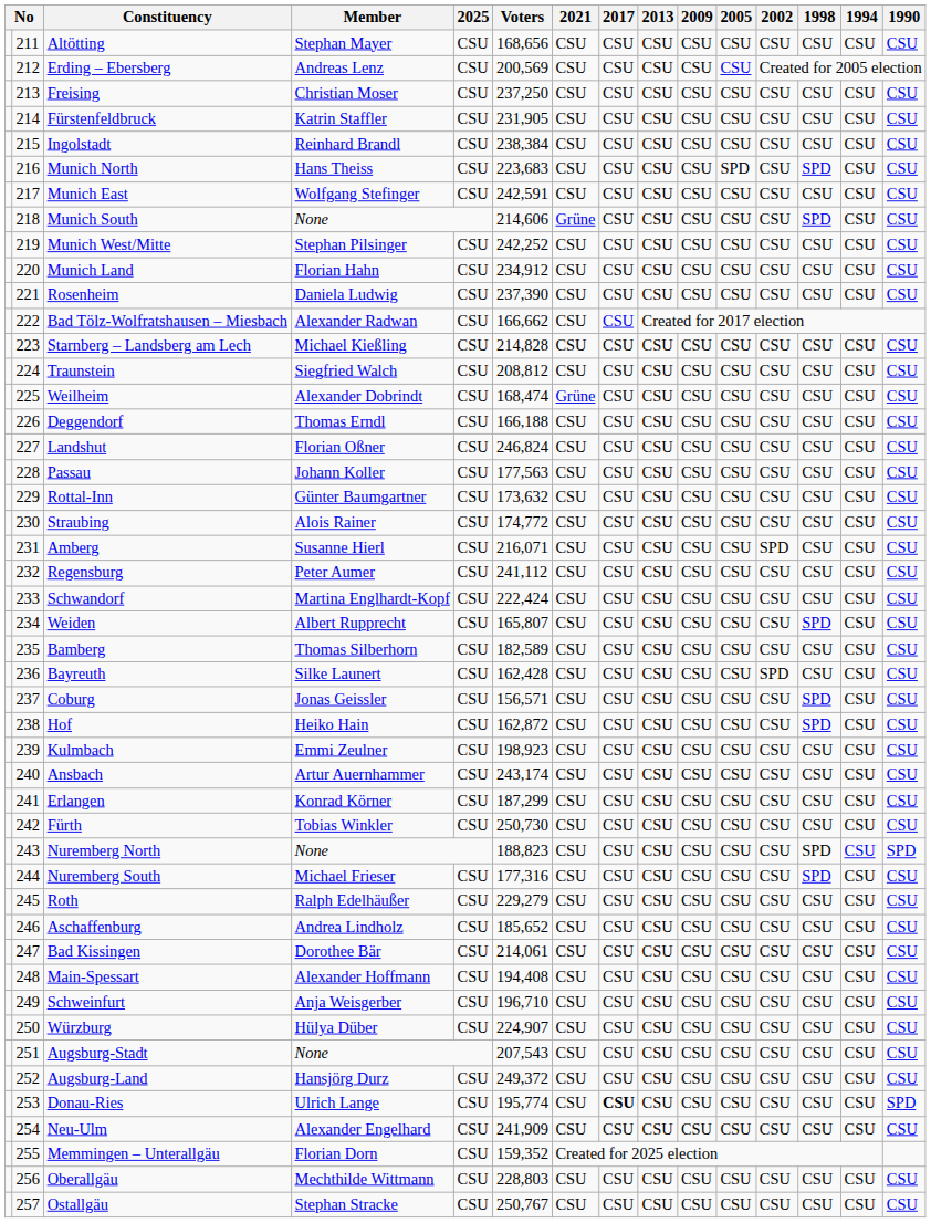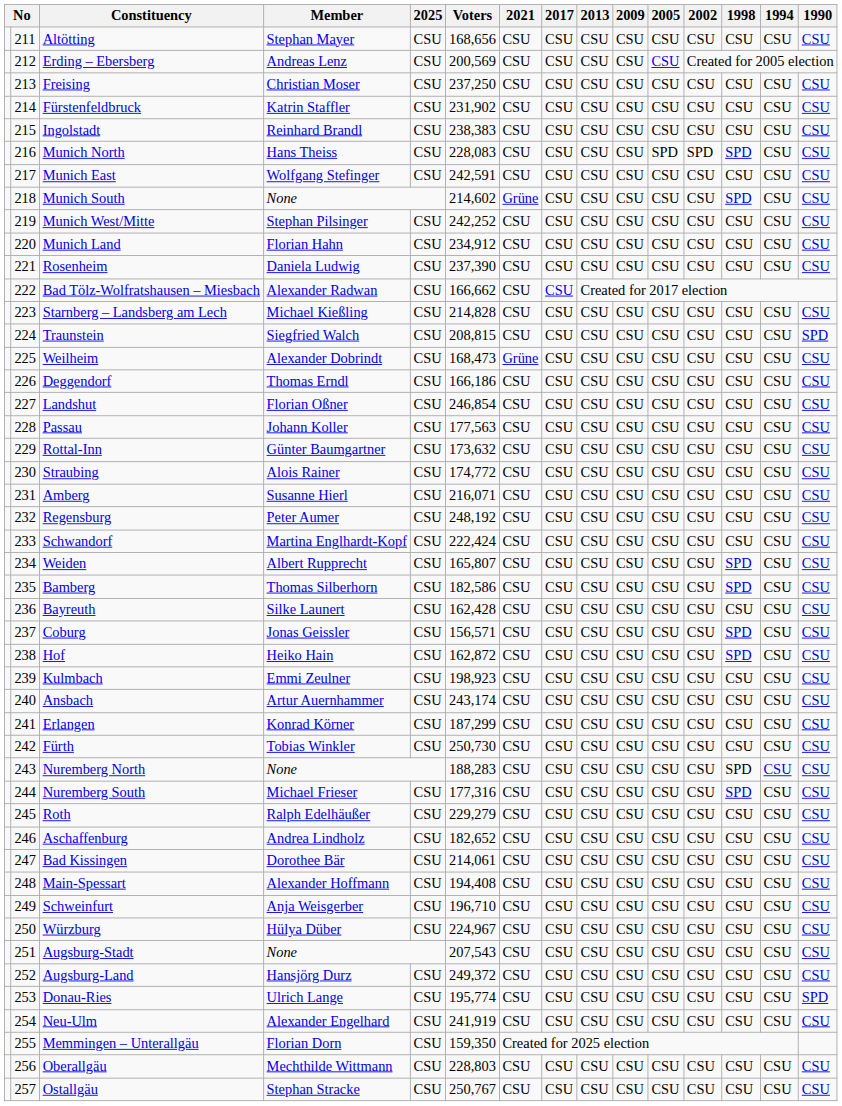 <table class="wikitable sortable">
 <tr>
 <th colspan=2>No</th>
 <th>Constituency</th>
 <th>Member</th>
 <th>2025</th>
 <th>Voters</th>
 <th>2021</th>
 <th>2017</th>
 <th>2013</th>
 <th>2009</th>
 <th>2005</th>
 <th>2002</th>
 <th>1998</th>
 <th>1994</th>
 <th>1990</th>
 </tr>
 <tr>
 <td style="background-color: "></td>
 <td>211</td>
 <td><a href='#'>Altötting</a></td>
 <td><a href='#'>Stephan Mayer</a></td>
 <td bgcolor=>CSU</td>
 <td>168,656</td>
 <td bgcolor=>CSU</td>
 <td bgcolor=>CSU</td>
 <td bgcolor=>CSU</td>
 <td bgcolor=>CSU</td>
 <td bgcolor=>CSU</td>
 <td bgcolor=>CSU</td>
 <td bgcolor=>CSU</td>
 <td bgcolor=>CSU</td>
 <td><a href='#'>CSU</a></td>
 </tr>
 <tr>
 <td style="background-color: "></td>
 <td>212</td>
 <td><a href='#'>Erding – Ebersberg</a></td>
 <td><a href='#'>Andreas Lenz</a></td>
 <td bgcolor=>CSU</td>
 <td>200,569</td>
 <td bgcolor=>CSU</td>
 <td bgcolor=>CSU</td>
 <td bgcolor=>CSU</td>
 <td bgcolor=>CSU</td>
 <td><a href='#'>CSU</a></td>
 <td colspan=4>Created for 2005 election</td>
 </tr>
 <tr>
 <td style="background-color: "></td>
 <td>213</td>
 <td><a href='#'>Freising</a></td>
 <td><a href='#'>Christian Moser</a></td>
 <td bgcolor=>CSU</td>
 <td>237,250</td>
 <td bgcolor=>CSU</td>
 <td bgcolor=>CSU</td>
 <td bgcolor=>CSU</td>
 <td bgcolor=>CSU</td>
 <td bgcolor=>CSU</td>
 <td bgcolor=>CSU</td>
 <td bgcolor=>CSU</td>
 <td bgcolor=>CSU</td>
 <td><a href='#'>CSU</a></td>
 </tr>
 <tr>
 <td style="background-color: "></td>
 <td>214</td>
 <td><a href='#'>Fürstenfeldbruck</a></td>
 <td><a href='#'>Katrin Staffler</a></td>
 <td bgcolor=>CSU</td>
-<td>231,905</td>
+<td>231,902</td>
 <td bgcolor=>CSU</td>
 <td bgcolor=>CSU</td>
 <td bgcolor=>CSU</td>
 <td bgcolor=>CSU</td>
 <td bgcolor=>CSU</td>
 <td bgcolor=>CSU</td>
 <td bgcolor=>CSU</td>
 <td bgcolor=>CSU</td>
 <td><a href='#'>CSU</a></td>
 </tr>
 <tr>
 <td style="background-color: "></td>
 <td>215</td>
 <td><a href='#'>Ingolstadt</a></td>
 <td><a href='#'>Reinhard Brandl</a></td>
 <td bgcolor=>CSU</td>
-<td>238,384</td>
+<td>238,383</td>
 <td bgcolor=>CSU</td>
 <td bgcolor=>CSU</td>
 <td bgcolor=>CSU</td>
 <td bgcolor=>CSU</td>
 <td bgcolor=>CSU</td>
 <td bgcolor=>CSU</td>
 <td bgcolor=>CSU</td>
 <td bgcolor=>CSU</td>
 <td><a href='#'>CSU</a></td>
 </tr>
 <tr>
 <td style="background-color: "></td>
 <td>216</td>
 <td><a href='#'>Munich North</a></td>
 <td><a href='#'>Hans Theiss</a></td>
 <td bgcolor=>CSU</td>
-<td>223,683</td>
+<td>228,083</td>
 <td bgcolor=>CSU</td>
 <td bgcolor=>CSU</td>
 <td bgcolor=>CSU</td>
 <td bgcolor=>CSU</td>
 <td bgcolor=>SPD</td>
-<td bgcolor=>CSU</td>
+<td bgcolor=>SPD</td>
 <td><a href='#'>SPD</a></td>
 <td bgcolor=>CSU</td>
 <td><a href='#'>CSU</a></td>
 </tr>
 <tr>
 <td style="background-color: "></td>
 <td>217</td>
 <td><a href='#'>Munich East</a></td>
 <td><a href='#'>Wolfgang Stefinger</a></td>
 <td bgcolor=>CSU</td>
 <td>242,591</td>
 <td bgcolor=>CSU</td>
 <td bgcolor=>CSU</td>
 <td bgcolor=>CSU</td>
 <td bgcolor=>CSU</td>
 <td bgcolor=>CSU</td>
 <td bgcolor=>CSU</td>
 <td bgcolor=>CSU</td>
 <td bgcolor=>CSU</td>
 <td><a href='#'>CSU</a></td>
 </tr>
 <tr>
 <td></td>
 <td>218</td>
 <td><a href='#'>Munich South</a></td>
 <td colspan="2"><em>None</em></td>
-<td>214,606</td>
+<td>214,602</td>
 <td><a href='#'>Grüne</a></td>
 <td bgcolor=>CSU</td>
 <td bgcolor=>CSU</td>
 <td bgcolor=>CSU</td>
 <td bgcolor=>CSU</td>
 <td bgcolor=>CSU</td>
 <td><a href='#'>SPD</a></td>
 <td bgcolor=>CSU</td>
 <td><a href='#'>CSU</a></td>
 </tr>
 <tr>
 <td style="background-color: "></td>
 <td>219</td>
 <td><a href='#'>Munich West/Mitte</a></td>
 <td><a href='#'>Stephan Pilsinger</a></td>
 <td bgcolor=>CSU</td>
 <td>242,252</td>
 <td bgcolor=>CSU</td>
 <td bgcolor=>CSU</td>
 <td bgcolor=>CSU</td>
 <td bgcolor=>CSU</td>
 <td bgcolor=>CSU</td>
 <td bgcolor=>CSU</td>
 <td bgcolor=>CSU</td>
 <td bgcolor=>CSU</td>
 <td><a href='#'>CSU</a></td>
 </tr>
 <tr>
 <td style="background-color: "></td>
 <td>220</td>
 <td><a href='#'>Munich Land</a></td>
 <td><a href='#'>Florian Hahn</a></td>
 <td bgcolor=>CSU</td>
 <td>234,912</td>
 <td bgcolor=>CSU</td>
 <td bgcolor=>CSU</td>
 <td bgcolor=>CSU</td>
 <td bgcolor=>CSU</td>
 <td bgcolor=>CSU</td>
 <td bgcolor=>CSU</td>
 <td bgcolor=>CSU</td>
 <td bgcolor=>CSU</td>
 <td><a href='#'>CSU</a></td>
 </tr>
 <tr>
 <td style="background-color: "></td>
 <td>221</td>
 <td><a href='#'>Rosenheim</a></td>
 <td><a href='#'>Daniela Ludwig</a></td>
 <td bgcolor=>CSU</td>
 <td>237,390</td>
 <td bgcolor=>CSU</td>
 <td bgcolor=>CSU</td>
 <td bgcolor=>CSU</td>
 <td bgcolor=>CSU</td>
 <td bgcolor=>CSU</td>
 <td bgcolor=>CSU</td>
 <td bgcolor=>CSU</td>
 <td bgcolor=>CSU</td>
 <td><a href='#'>CSU</a></td>
 </tr>
 <tr>
 <td style="background-color: "></td>
 <td>222</td>
 <td><a href='#'>Bad Tölz-Wolfratshausen – Miesbach</a></td>
 <td><a href='#'>Alexander Radwan</a></td>
 <td bgcolor=>CSU</td>
 <td>166,662</td>
 <td bgcolor=>CSU</td>
 <td><a href='#'>CSU</a></td>
 <td colspan=7>Created for 2017 election</td>
 </tr>
 <tr>
 <td style="background-color: "></td>
 <td>223</td>
 <td><a href='#'>Starnberg – Landsberg am Lech</a></td>
 <td><a href='#'>Michael Kießling</a></td>
 <td bgcolor=>CSU</td>
 <td>214,828</td>
 <td bgcolor=>CSU</td>
 <td bgcolor=>CSU</td>
 <td bgcolor=>CSU</td>
 <td bgcolor=>CSU</td>
 <td bgcolor=>CSU</td>
 <td bgcolor=>CSU</td>
 <td bgcolor=>CSU</td>
 <td bgcolor=>CSU</td>
 <td><a href='#'>CSU</a></td>
 </tr>
 <tr>
 <td style="background-color: "></td>
 <td>224</td>
 <td><a href='#'>Traunstein</a></td>
 <td><a href='#'>Siegfried Walch</a></td>
 <td bgcolor=>CSU</td>
-<td>208,812</td>
+<td>208,815</td>
 <td bgcolor=>CSU</td>
 <td bgcolor=>CSU</td>
 <td bgcolor=>CSU</td>
 <td bgcolor=>CSU</td>
 <td bgcolor=>CSU</td>
 <td bgcolor=>CSU</td>
 <td bgcolor=>CSU</td>
 <td bgcolor=>CSU</td>
-<td><a href='#'>CSU</a></td>
+<td><a href='#'>SPD</a></td>
 </tr>
 <tr>
 <td style="background-color: "></td>
 <td>225</td>
 <td><a href='#'>Weilheim</a></td>
 <td><a href='#'>Alexander Dobrindt</a></td>
 <td bgcolor=>CSU</td>
-<td>168,474</td>
+<td>168,473</td>
 <td><a href='#'>Grüne</a></td>
 <td bgcolor=>CSU</td>
 <td bgcolor=>CSU</td>
 <td bgcolor=>CSU</td>
 <td bgcolor=>CSU</td>
 <td bgcolor=>CSU</td>
 <td bgcolor=>CSU</td>
 <td bgcolor=>CSU</td>
 <td><a href='#'>CSU</a></td>
 </tr>
 <tr>
 <td style="background-color: "></td>
 <td>226</td>
 <td><a href='#'>Deggendorf</a></td>
 <td><a href='#'>Thomas Erndl</a></td>
 <td bgcolor=>CSU</td>
-<td>166,188</td>
+<td>166,186</td>
 <td bgcolor=>CSU</td>
 <td bgcolor=>CSU</td>
 <td bgcolor=>CSU</td>
 <td bgcolor=>CSU</td>
 <td bgcolor=>CSU</td>
 <td bgcolor=>CSU</td>
 <td bgcolor=>CSU</td>
 <td bgcolor=>CSU</td>
 <td><a href='#'>CSU</a></td>
 </tr>
 <tr>
 <td style="background-color: "></td>
 <td>227</td>
 <td><a href='#'>Landshut</a></td>
 <td><a href='#'>Florian Oßner</a></td>
 <td bgcolor=>CSU</td>
-<td>246,824</td>
+<td>246,854</td>
 <td bgcolor=>CSU</td>
 <td bgcolor=>CSU</td>
 <td bgcolor=>CSU</td>
 <td bgcolor=>CSU</td>
 <td bgcolor=>CSU</td>
 <td bgcolor=>CSU</td>
 <td bgcolor=>CSU</td>
 <td bgcolor=>CSU</td>
 <td><a href='#'>CSU</a></td>
 </tr>
 <tr>
 <td style="background-color: "></td>
 <td>228</td>
 <td><a href='#'>Passau</a></td>
 <td><a href='#'>Johann Koller</a></td>
 <td bgcolor=>CSU</td>
 <td>177,563</td>
 <td bgcolor=>CSU</td>
 <td bgcolor=>CSU</td>
 <td bgcolor=>CSU</td>
 <td bgcolor=>CSU</td>
 <td bgcolor=>CSU</td>
 <td bgcolor=>CSU</td>
 <td bgcolor=>CSU</td>
 <td bgcolor=>CSU</td>
 <td><a href='#'>CSU</a></td>
 </tr>
 <tr>
 <td style="background-color: "></td>
 <td>229</td>
 <td><a href='#'>Rottal-Inn</a></td>
 <td><a href='#'>Günter Baumgartner</a></td>
 <td bgcolor=>CSU</td>
 <td>173,632</td>
 <td bgcolor=>CSU</td>
 <td bgcolor=>CSU</td>
 <td bgcolor=>CSU</td>
 <td bgcolor=>CSU</td>
 <td bgcolor=>CSU</td>
 <td bgcolor=>CSU</td>
 <td bgcolor=>CSU</td>
 <td bgcolor=>CSU</td>
 <td><a href='#'>CSU</a></td>
 </tr>
 <tr>
 <td style="background-color: "></td>
 <td>230</td>
 <td><a href='#'>Straubing</a></td>
 <td><a href='#'>Alois Rainer</a></td>
 <td bgcolor=>CSU</td>
 <td>174,772</td>
 <td bgcolor=>CSU</td>
 <td bgcolor=>CSU</td>
 <td bgcolor=>CSU</td>
 <td bgcolor=>CSU</td>
 <td bgcolor=>CSU</td>
 <td bgcolor=>CSU</td>
 <td bgcolor=>CSU</td>
 <td bgcolor=>CSU</td>
 <td><a href='#'>CSU</a></td>
 </tr>
 <tr>
 <td style="background-color: "></td>
 <td>231</td>
 <td><a href='#'>Amberg</a></td>
 <td><a href='#'>Susanne Hierl</a></td>
 <td bgcolor=>CSU</td>
 <td>216,071</td>
 <td bgcolor=>CSU</td>
 <td bgcolor=>CSU</td>
 <td bgcolor=>CSU</td>
 <td bgcolor=>CSU</td>
 <td bgcolor=>CSU</td>
-<td bgcolor=>SPD</td>
+<td bgcolor=>CSU</td>
 <td bgcolor=>CSU</td>
 <td bgcolor=>CSU</td>
 <td><a href='#'>CSU</a></td>
 </tr>
 <tr>
 <td style="background-color: "></td>
 <td>232</td>
 <td><a href='#'>Regensburg</a></td>
 <td><a href='#'>Peter Aumer</a></td>
 <td bgcolor=>CSU</td>
-<td>241,112</td>
+<td>248,192</td>
 <td bgcolor=>CSU</td>
 <td bgcolor=>CSU</td>
 <td bgcolor=>CSU</td>
 <td bgcolor=>CSU</td>
 <td bgcolor=>CSU</td>
 <td bgcolor=>CSU</td>
 <td bgcolor=>CSU</td>
 <td bgcolor=>CSU</td>
 <td><a href='#'>CSU</a></td>
 </tr>
 <tr>
 <td style="background-color: "></td>
 <td>233</td>
 <td><a href='#'>Schwandorf</a></td>
 <td><a href='#'>Martina Englhardt-Kopf</a></td>
 <td bgcolor=>CSU</td>
 <td>222,424</td>
 <td bgcolor=>CSU</td>
 <td bgcolor=>CSU</td>
 <td bgcolor=>CSU</td>
 <td bgcolor=>CSU</td>
 <td bgcolor=>CSU</td>
 <td bgcolor=>CSU</td>
 <td bgcolor=>CSU</td>
 <td bgcolor=>CSU</td>
 <td><a href='#'>CSU</a></td>
 </tr>
 <tr>
 <td style="background-color: "></td>
 <td>234</td>
 <td><a href='#'>Weiden</a></td>
 <td><a href='#'>Albert Rupprecht</a></td>
 <td bgcolor=>CSU</td>
 <td>165,807</td>
 <td bgcolor=>CSU</td>
 <td bgcolor=>CSU</td>
 <td bgcolor=>CSU</td>
 <td bgcolor=>CSU</td>
 <td bgcolor=>CSU</td>
 <td bgcolor=>CSU</td>
 <td><a href='#'>SPD</a></td>
 <td bgcolor=>CSU</td>
 <td><a href='#'>CSU</a></td>
 </tr>
 <tr>
 <td style="background-color: "></td>
 <td>235</td>
 <td><a href='#'>Bamberg</a></td>
 <td><a href='#'>Thomas Silberhorn</a></td>
 <td bgcolor=>CSU</td>
-<td>182,589</td>
+<td>182,586</td>
 <td bgcolor=>CSU</td>
 <td bgcolor=>CSU</td>
 <td bgcolor=>CSU</td>
 <td bgcolor=>CSU</td>
 <td bgcolor=>CSU</td>
 <td bgcolor=>CSU</td>
-<td bgcolor=>CSU</td>
+<td><a href='#'>SPD</a></td>
 <td bgcolor=>CSU</td>
 <td><a href='#'>CSU</a></td>
 </tr>
 <tr>
 <td style="background-color: "></td>
 <td>236</td>
 <td><a href='#'>Bayreuth</a></td>
 <td><a href='#'>Silke Launert</a></td>
 <td bgcolor=>CSU</td>
 <td>162,428</td>
 <td bgcolor=>CSU</td>
 <td bgcolor=>CSU</td>
 <td bgcolor=>CSU</td>
 <td bgcolor=>CSU</td>
 <td bgcolor=>CSU</td>
-<td bgcolor=>SPD</td>
+<td bgcolor=>CSU</td>
 <td bgcolor=>CSU</td>
 <td bgcolor=>CSU</td>
 <td><a href='#'>CSU</a></td>
 </tr>
 <tr>
 <td style="background-color: "></td>
 <td>237</td>
 <td><a href='#'>Coburg</a></td>
 <td><a href='#'>Jonas Geissler</a></td>
 <td bgcolor=>CSU</td>
 <td>156,571</td>
 <td bgcolor=>CSU</td>
 <td bgcolor=>CSU</td>
 <td bgcolor=>CSU</td>
 <td bgcolor=>CSU</td>
 <td bgcolor=>CSU</td>
 <td bgcolor=>CSU</td>
 <td><a href='#'>SPD</a></td>
 <td bgcolor=>CSU</td>
 <td><a href='#'>CSU</a></td>
 </tr>
 <tr>
 <td style="background-color: "></td>
 <td>238</td>
 <td><a href='#'>Hof</a></td>
 <td><a href='#'>Heiko Hain</a></td>
 <td bgcolor=>CSU</td>
 <td>162,872</td>
 <td bgcolor=>CSU</td>
 <td bgcolor=>CSU</td>
 <td bgcolor=>CSU</td>
 <td bgcolor=>CSU</td>
 <td bgcolor=>CSU</td>
 <td bgcolor=>CSU</td>
 <td><a href='#'>SPD</a></td>
 <td bgcolor=>CSU</td>
 <td><a href='#'>CSU</a></td>
 </tr>
 <tr>
 <td style="background-color: "></td>
 <td>239</td>
 <td><a href='#'>Kulmbach</a></td>
 <td><a href='#'>Emmi Zeulner</a></td>
 <td bgcolor=>CSU</td>
 <td>198,923</td>
 <td bgcolor=>CSU</td>
 <td bgcolor=>CSU</td>
 <td bgcolor=>CSU</td>
 <td bgcolor=>CSU</td>
 <td bgcolor=>CSU</td>
 <td bgcolor=>CSU</td>
 <td bgcolor=>CSU</td>
 <td bgcolor=>CSU</td>
 <td><a href='#'>CSU</a></td>
 </tr>
 <tr>
 <td style="background-color: "></td>
 <td>240</td>
 <td><a href='#'>Ansbach</a></td>
 <td><a href='#'>Artur Auernhammer</a></td>
 <td bgcolor=>CSU</td>
 <td>243,174</td>
 <td bgcolor=>CSU</td>
 <td bgcolor=>CSU</td>
 <td bgcolor=>CSU</td>
 <td bgcolor=>CSU</td>
 <td bgcolor=>CSU</td>
 <td bgcolor=>CSU</td>
 <td bgcolor=>CSU</td>
 <td bgcolor=>CSU</td>
 <td><a href='#'>CSU</a></td>
 </tr>
 <tr>
 <td style="background-color: "></td>
 <td>241</td>
 <td><a href='#'>Erlangen</a></td>
 <td><a href='#'>Konrad Körner</a></td>
 <td bgcolor=>CSU</td>
 <td>187,299</td>
 <td bgcolor=>CSU</td>
 <td bgcolor=>CSU</td>
 <td bgcolor=>CSU</td>
 <td bgcolor=>CSU</td>
 <td bgcolor=>CSU</td>
 <td bgcolor=>CSU</td>
 <td bgcolor=>CSU</td>
 <td bgcolor=>CSU</td>
 <td><a href='#'>CSU</a></td>
 </tr>
 <tr>
 <td style="background-color: "></td>
 <td>242</td>
 <td><a href='#'>Fürth</a></td>
 <td><a href='#'>Tobias Winkler</a></td>
 <td bgcolor=>CSU</td>
 <td>250,730</td>
 <td bgcolor=>CSU</td>
 <td bgcolor=>CSU</td>
 <td bgcolor=>CSU</td>
 <td bgcolor=>CSU</td>
 <td bgcolor=>CSU</td>
 <td bgcolor=>CSU</td>
 <td bgcolor=>CSU</td>
 <td bgcolor=>CSU</td>
 <td><a href='#'>CSU</a></td>
 </tr>
 <tr>
 <td></td>
 <td>243</td>
 <td><a href='#'>Nuremberg North</a></td>
 <td colspan="2"><em>None</em></td>
-<td>188,823</td>
+<td>188,283</td>
 <td bgcolor=>CSU</td>
 <td bgcolor=>CSU</td>
 <td bgcolor=>CSU</td>
 <td bgcolor=>CSU</td>
 <td bgcolor=>CSU</td>
 <td bgcolor=>CSU</td>
 <td bgcolor=>SPD</td>
 <td><a href='#'>CSU</a></td>
-<td><a href='#'>SPD</a></td>
+<td><a href='#'>CSU</a></td>
 </tr>
 <tr>
 <td style="background-color: "></td>
 <td>244</td>
 <td><a href='#'>Nuremberg South</a></td>
 <td><a href='#'>Michael Frieser</a></td>
 <td bgcolor=>CSU</td>
 <td>177,316</td>
 <td bgcolor=>CSU</td>
 <td bgcolor=>CSU</td>
 <td bgcolor=>CSU</td>
 <td bgcolor=>CSU</td>
 <td bgcolor=>CSU</td>
 <td bgcolor=>CSU</td>
 <td><a href='#'>SPD</a></td>
 <td bgcolor=>CSU</td>
 <td><a href='#'>CSU</a></td>
 </tr>
 <tr>
 <td style="background-color: "></td>
 <td>245</td>
 <td><a href='#'>Roth</a></td>
 <td><a href='#'>Ralph Edelhäußer</a></td>
 <td bgcolor=>CSU</td>
 <td>229,279</td>
 <td bgcolor=>CSU</td>
 <td bgcolor=>CSU</td>
 <td bgcolor=>CSU</td>
 <td bgcolor=>CSU</td>
 <td bgcolor=>CSU</td>
 <td bgcolor=>CSU</td>
 <td bgcolor=>CSU</td>
 <td bgcolor=>CSU</td>
 <td><a href='#'>CSU</a></td>
 </tr>
 <tr>
 <td style="background-color: "></td>
 <td>246</td>
 <td><a href='#'>Aschaffenburg</a></td>
 <td><a href='#'>Andrea Lindholz</a></td>
 <td bgcolor=>CSU</td>
-<td>185,652</td>
+<td>182,652</td>
 <td bgcolor=>CSU</td>
 <td bgcolor=>CSU</td>
 <td bgcolor=>CSU</td>
 <td bgcolor=>CSU</td>
 <td bgcolor=>CSU</td>
 <td bgcolor=>CSU</td>
 <td bgcolor=>CSU</td>
 <td bgcolor=>CSU</td>
 <td><a href='#'>CSU</a></td>
 </tr>
 <tr>
 <td style="background-color: "></td>
 <td>247</td>
 <td><a href='#'>Bad Kissingen</a></td>
 <td><a href='#'>Dorothee Bär</a></td>
 <td bgcolor=>CSU</td>
 <td>214,061</td>
 <td bgcolor=>CSU</td>
 <td bgcolor=>CSU</td>
 <td bgcolor=>CSU</td>
 <td bgcolor=>CSU</td>
 <td bgcolor=>CSU</td>
 <td bgcolor=>CSU</td>
 <td bgcolor=>CSU</td>
 <td bgcolor=>CSU</td>
 <td><a href='#'>CSU</a></td>
 </tr>
 <tr>
 <td style="background-color: "></td>
 <td>248</td>
 <td><a href='#'>Main-Spessart</a></td>
 <td><a href='#'> Alexander Hoffmann</a></td>
 <td bgcolor=>CSU</td>
 <td>194,408</td>
 <td bgcolor=>CSU</td>
 <td bgcolor=>CSU</td>
 <td bgcolor=>CSU</td>
 <td bgcolor=>CSU</td>
 <td bgcolor=>CSU</td>
 <td bgcolor=>CSU</td>
 <td bgcolor=>CSU</td>
 <td bgcolor=>CSU</td>
 <td><a href='#'>CSU</a></td>
 </tr>
 <tr>
 <td style="background-color: "></td>
 <td>249</td>
 <td><a href='#'>Schweinfurt</a></td>
 <td><a href='#'>Anja Weisgerber</a></td>
 <td bgcolor=>CSU</td>
 <td>196,710</td>
 <td bgcolor=>CSU</td>
 <td bgcolor=>CSU</td>
 <td bgcolor=>CSU</td>
 <td bgcolor=>CSU</td>
 <td bgcolor=>CSU</td>
 <td bgcolor=>CSU</td>
 <td bgcolor=>CSU</td>
 <td bgcolor=>CSU</td>
 <td><a href='#'>CSU</a></td>
 </tr>
 <tr>
 <td style="background-color: "></td>
 <td>250</td>
 <td><a href='#'>Würzburg</a></td>
 <td><a href='#'>Hülya Düber</a></td>
 <td bgcolor=>CSU</td>
-<td>224,907</td>
+<td>224,967</td>
 <td bgcolor=>CSU</td>
 <td bgcolor=>CSU</td>
 <td bgcolor=>CSU</td>
 <td bgcolor=>CSU</td>
 <td bgcolor=>CSU</td>
 <td bgcolor=>CSU</td>
 <td bgcolor=>CSU</td>
 <td bgcolor=>CSU</td>
 <td><a href='#'>CSU</a></td>
 </tr>
 <tr>
 <td style="background-color: "></td>
 <td>251</td>
 <td><a href='#'>Augsburg-Stadt</a></td>
 <td colspan="2"><em>None</em></td>
 <td>207,543</td>
 <td bgcolor=>CSU</td>
 <td bgcolor=>CSU</td>
 <td bgcolor=>CSU</td>
 <td bgcolor=>CSU</td>
 <td bgcolor=>CSU</td>
 <td bgcolor=>CSU</td>
 <td bgcolor=>CSU</td>
 <td bgcolor=>CSU</td>
 <td><a href='#'>CSU</a></td>
 </tr>
 <tr>
 <td style="background-color: "></td>
 <td>252</td>
 <td><a href='#'>Augsburg-Land</a></td>
 <td><a href='#'>Hansjörg Durz</a></td>
 <td bgcolor=>CSU</td>
 <td>249,372</td>
 <td bgcolor=>CSU</td>
 <td bgcolor=>CSU</td>
 <td bgcolor=>CSU</td>
 <td bgcolor=>CSU</td>
 <td bgcolor=>CSU</td>
 <td bgcolor=>CSU</td>
 <td bgcolor=>CSU</td>
 <td bgcolor=>CSU</td>
 <td><a href='#'>CSU</a></td>
 </tr>
 <tr>
 <td style="background-color: "></td>
 <td>253</td>
 <td><a href='#'>Donau-Ries</a></td>
 <td><a href='#'>Ulrich Lange</a></td>
 <td bgcolor=>CSU</td>
 <td>195,774</td>
 <td bgcolor=>CSU</td>
-<td bgcolor=><strong>CSU</strong></td>
+<td bgcolor=>CSU</td>
 <td bgcolor=>CSU</td>
 <td bgcolor=>CSU</td>
 <td bgcolor=>CSU</td>
 <td bgcolor=>CSU</td>
 <td bgcolor=>CSU</td>
 <td bgcolor=>CSU</td>
 <td><a href='#'>SPD</a></td>
 </tr>
 <tr>
 <td style="background-color: "></td>
 <td>254</td>
 <td><a href='#'>Neu-Ulm</a></td>
 <td><a href='#'>Alexander Engelhard</a></td>
 <td bgcolor=>CSU</td>
-<td>241,909</td>
+<td>241,919</td>
 <td bgcolor=>CSU</td>
 <td bgcolor=>CSU</td>
 <td bgcolor=>CSU</td>
 <td bgcolor=>CSU</td>
 <td bgcolor=>CSU</td>
 <td bgcolor=>CSU</td>
 <td bgcolor=>CSU</td>
 <td bgcolor=>CSU</td>
 <td><a href='#'>CSU</a></td>
 </tr>
 <tr>
 <td bgcolor=></td>
 <td>255</td>
 <td><a href='#'>Memmingen – Unterallgäu</a></td>
 <td><a href='#'>Florian Dorn</a></td>
 <td bgcolor=>CSU</td>
-<td>159,352</td>
+<td>159,350</td>
 <td colspan=8>Created for 2025 election</td>
 </tr>
 <tr>
 <td style="background-color: "></td>
 <td>256</td>
 <td><a href='#'>Oberallgäu</a></td>
 <td><a href='#'>Mechthilde Wittmann</a></td>
 <td bgcolor=>CSU</td>
 <td>228,803</td>
 <td bgcolor=>CSU</td>
 <td bgcolor=>CSU</td>
 <td bgcolor=>CSU</td>
 <td bgcolor=>CSU</td>
 <td bgcolor=>CSU</td>
 <td bgcolor=>CSU</td>
 <td bgcolor=>CSU</td>
 <td bgcolor=>CSU</td>
 <td><a href='#'>CSU</a></td>
 </tr>
 <tr>
 <td style="background-color: "></td>
 <td>257</td>
 <td><a href='#'>Ostallgäu</a></td>
 <td><a href='#'>Stephan Stracke</a></td>
 <td bgcolor=>CSU</td>
 <td>250,767</td>
 <td bgcolor=>CSU</td>
 <td bgcolor=>CSU</td>
 <td bgcolor=>CSU</td>
 <td bgcolor=>CSU</td>
 <td bgcolor=>CSU</td>
 <td bgcolor=>CSU</td>
 <td bgcolor=>CSU</td>
 <td bgcolor=>CSU</td>
 <td><a href='#'>CSU</a></td>
 </tr>
 </table>
